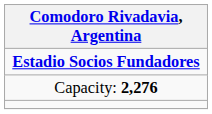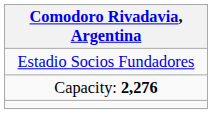 <table class="wikitable" style=text-align:center width=200>
 <tr>
 <th> <a href='#'>Comodoro Rivadavia</a>, <a href='#'>Argentina</a></th>
 </tr>
 <tr>
-<td><strong><a href='#'>Estadio Socios Fundadores</a></strong></td>
+<td><a href='#'>Estadio Socios Fundadores</a></td>
 </tr>
 <tr>
 <td>Capacity: <strong>2,276</strong></td>
 </tr>
 <tr>
 <td></td>
 </tr>
 <tr>
 </tr>
 </table>
